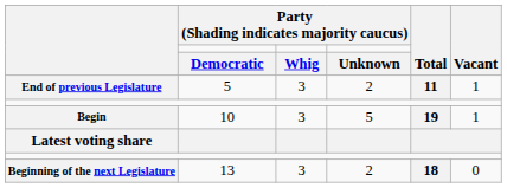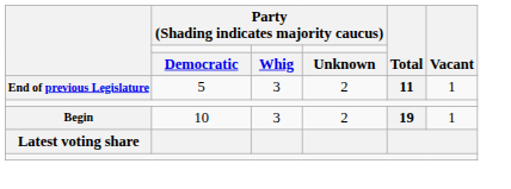 <table class=wikitable style="text-align:center">
 <tr style="vertical-align:bottom;">
 <th rowspan=3></th>
 <th colspan=3>Party <div>(Shading indicates majority caucus)</div></th>
 <th rowspan=3>Total</th>
 <th rowspan=3>Vacant</th>
 </tr>
 <tr style="height:5px">
 <td style="background-color:"></td>
 <td style="background-color:"></td>
 <td style="background-color:"></td>
 </tr>
 <tr>
 <th><a href='#'>Democratic</a></th>
 <th><a href='#'>Whig</a></th>
 <th>Unknown</th>
 </tr>
 <tr>
 <th style="white-space:nowrap; font-size:80%;">End of <a href='#'>previous Legislature</a></th>
 <td>5</td>
 <td>3</td>
 <td>2</td>
 <th>11</th>
 <td>1</td>
 </tr>
 <tr>
 <td colspan=6></td>
 </tr>
 <tr>
 <th style="font-size:80%">Begin</th>
 <td>10</td>
 <td>3</td>
-<td>5</td>
+<td>2</td>
 <th>19</th>
 <td>1</td>
 </tr>
 <tr>
 <th>Latest voting share</th>
 <th></th>
 <th></th>
 <th></th>
 <th colspan=2></th>
 </tr>
 <tr>
 <td colspan=6></td>
 </tr>
-<tr>
-<th style="white-space:nowrap; font-size:80%;">Beginning of the <a href='#'>next Legislature</a></th>
-<td>13</td>
-<td>3</td>
-<td>2</td>
-<th>18</th>
-<td>0</td>
-</tr>
 </table>
